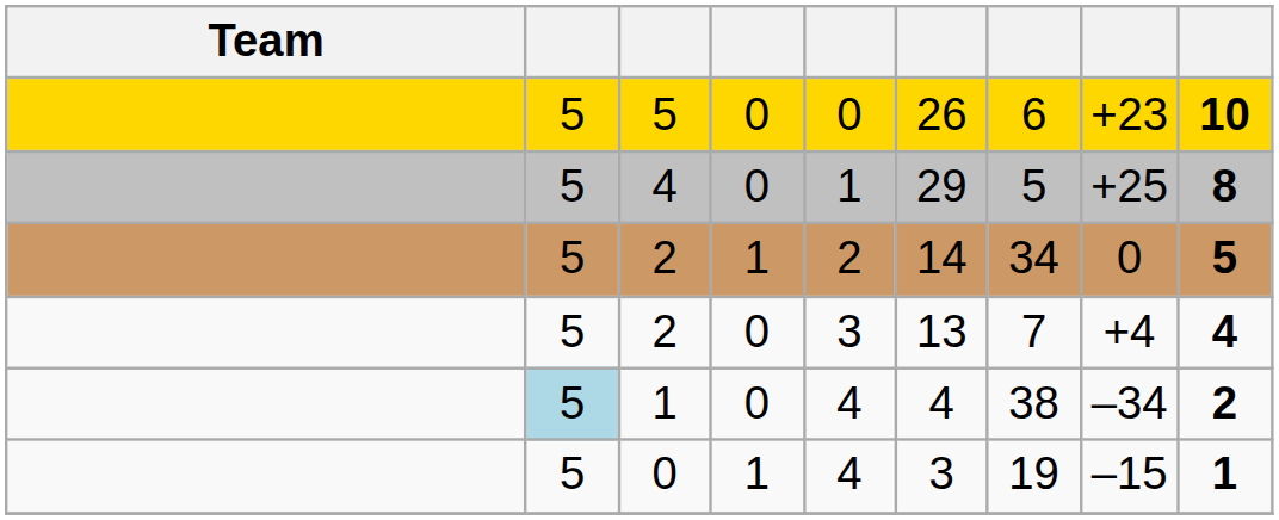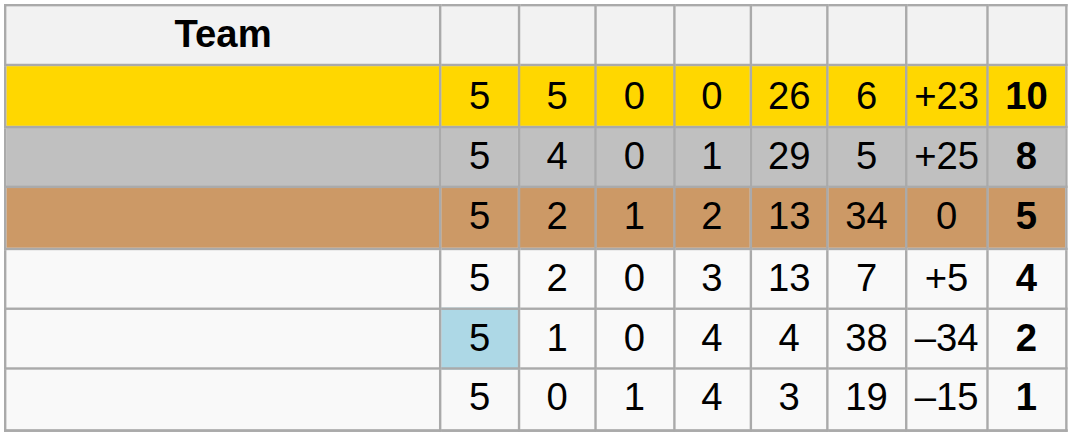 <table class="wikitable" style="text-align:center">
 <tr>
 <th width=175>Team</th>
 <th width=25></th>
 <th width=25></th>
 <th width=25></th>
 <th width=25></th>
 <th width=25></th>
 <th width=25></th>
 <th width=25></th>
 <th width=25></th>
 </tr>
 <tr align=center bgcolor=#ffd700>
 <td style="text-align:left;"></td>
 <td>5</td>
 <td>5</td>
 <td>0</td>
 <td>0</td>
 <td>26</td>
 <td>6</td>
 <td>+23</td>
 <td><strong>10</strong></td>
 </tr>
 <tr align=center bgcolor=#c0c0c0>
 <td style="text-align:left;"></td>
 <td>5</td>
 <td>4</td>
 <td>0</td>
 <td>1</td>
 <td>29</td>
 <td>5</td>
 <td>+25</td>
 <td><strong>8</strong></td>
 </tr>
 <tr align=center bgcolor=#cc9966>
 <td style="text-align:left;"></td>
 <td>5</td>
 <td>2</td>
 <td>1</td>
 <td>2</td>
-<td>14</td>
+<td>13</td>
 <td>34</td>
 <td>0</td>
 <td><strong>5</strong></td>
 </tr>
 <tr>
 <td style="text-align:left;"></td>
 <td>5</td>
 <td>2</td>
 <td>0</td>
 <td>3</td>
 <td>13</td>
 <td>7</td>
-<td>+4</td>
+<td>+5</td>
 <td><strong>4</strong></td>
 </tr>
 <tr>
 <td style="text-align:left;"></td>
 <td style="background: lightblue;">5</td>
 <td>1</td>
 <td>0</td>
 <td>4</td>
 <td>4</td>
 <td>38</td>
 <td>–34</td>
 <td><strong>2</strong></td>
 </tr>
 <tr>
 <td style="text-align:left;"></td>
 <td>5</td>
 <td>0</td>
 <td>1</td>
 <td>4</td>
 <td>3</td>
 <td>19</td>
 <td>–15</td>
 <td><strong>1</strong></td>
 </tr>
 <tr>
 </tr>
 </table>
